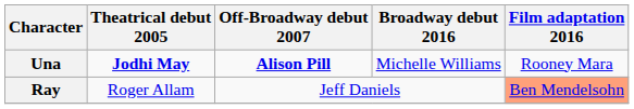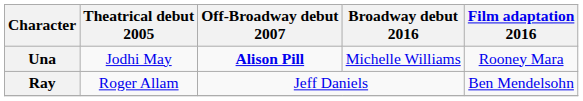 <table class="wikitable">
 <tr>
 <th>Character</th>
 <th>Theatrical debut <br>2005</th>
 <th>Off-Broadway debut <br> 2007</th>
 <th>Broadway debut <br> 2016</th>
 <th><a href='#'>Film adaptation</a> <br> 2016</th>
 </tr>
 <tr>
 <th>Una</th>
-<td align="center" ,><strong><a href='#'>Jodhi May</a></strong></td>
+<td align="center" ,><a href='#'>Jodhi May</a></td>
 <td align="center"><strong><a href='#'>Alison Pill</a></strong></td>
 <td align="center"><a href='#'>Michelle Williams</a></td>
 <td align="center"><a href='#'>Rooney Mara</a></td>
 </tr>
 <tr>
 <th>Ray</th>
 <td align="center"><a href='#'>Roger Allam</a></td>
 <td colspan=2, align="center"><a href='#'>Jeff Daniels</a></td>
-<td align="center" style="background: lightsalmon;"><a href='#'>Ben Mendelsohn</a></td>
+<td align="center"><a href='#'>Ben Mendelsohn</a></td>
 </tr>
 <tr>
 </tr>
 </table>
